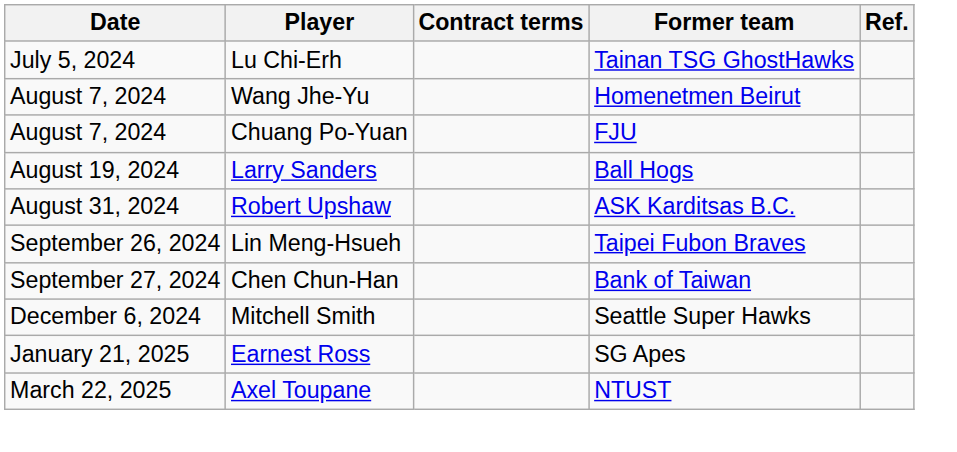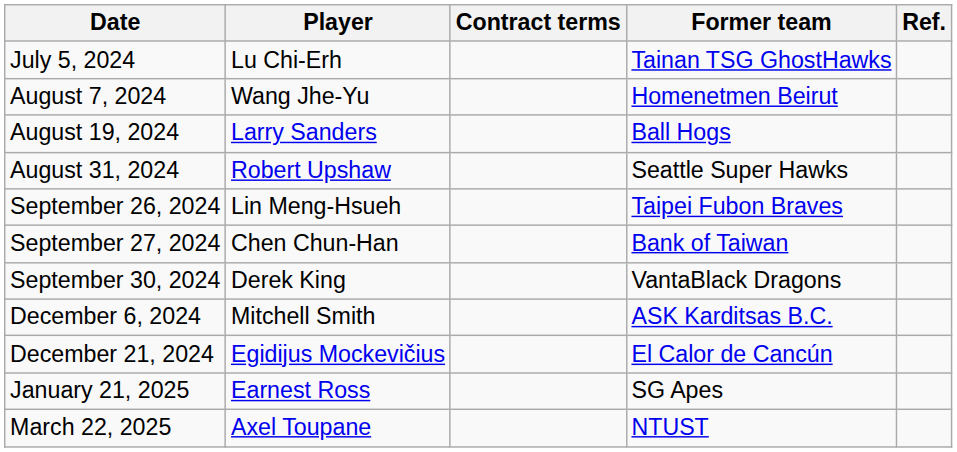 <table class="wikitable">
 <tr>
 <th>Date</th>
 <th>Player</th>
 <th>Contract terms</th>
 <th>Former team</th>
 <th>Ref.</th>
 </tr>
 <tr>
 <td>July 5, 2024</td>
 <td>Lu Chi-Erh</td>
 <td></td>
 <td> <a href='#'>Tainan TSG GhostHawks</a></td>
 <td></td>
 </tr>
 <tr>
 <td>August 7, 2024</td>
 <td>Wang Jhe-Yu</td>
 <td></td>
 <td> <a href='#'>Homenetmen Beirut</a></td>
 <td></td>
 </tr>
 <tr>
-<td>August 7, 2024</td>
-<td>Chuang Po-Yuan</td>
-<td></td>
-<td> <a href='#'>FJU</a></td>
-<td></td>
-</tr>
-<tr>
 <td>August 19, 2024</td>
 <td><a href='#'>Larry Sanders</a></td>
 <td></td>
 <td> <a href='#'>Ball Hogs</a></td>
 <td></td>
 </tr>
 <tr>
 <td>August 31, 2024</td>
 <td><a href='#'>Robert Upshaw</a></td>
 <td></td>
-<td> <a href='#'>ASK Karditsas B.C.</a></td>
+<td> Seattle Super Hawks</td>
 <td></td>
 </tr>
 <tr>
 <td>September 26, 2024</td>
 <td>Lin Meng-Hsueh</td>
 <td></td>
 <td> <a href='#'>Taipei Fubon Braves</a></td>
 <td></td>
 </tr>
 <tr>
 <td>September 27, 2024</td>
 <td>Chen Chun-Han</td>
 <td></td>
 <td> <a href='#'>Bank of Taiwan</a></td>
 <td></td>
 </tr>
 <tr>
+<td>September 30, 2024</td>
+<td>Derek King</td>
+<td></td>
+<td> VantaBlack Dragons</td>
+<td></td>
+</tr>
+<tr>
 <td>December 6, 2024</td>
 <td>Mitchell Smith</td>
 <td></td>
-<td> Seattle Super Hawks</td>
+<td> <a href='#'>ASK Karditsas B.C.</a></td>
+<td></td>
+</tr>
+<tr>
+<td>December 21, 2024</td>
+<td><a href='#'>Egidijus Mockevičius</a></td>
+<td></td>
+<td> <a href='#'>El Calor de Cancún</a></td>
 <td></td>
 </tr>
 <tr>
 <td>January 21, 2025</td>
 <td><a href='#'>Earnest Ross</a></td>
 <td></td>
 <td> SG Apes</td>
 <td></td>
 </tr>
 <tr>
 <td>March 22, 2025</td>
 <td><a href='#'>Axel Toupane</a></td>
 <td></td>
 <td> <a href='#'>NTUST</a></td>
 <td></td>
 </tr>
 </table>
